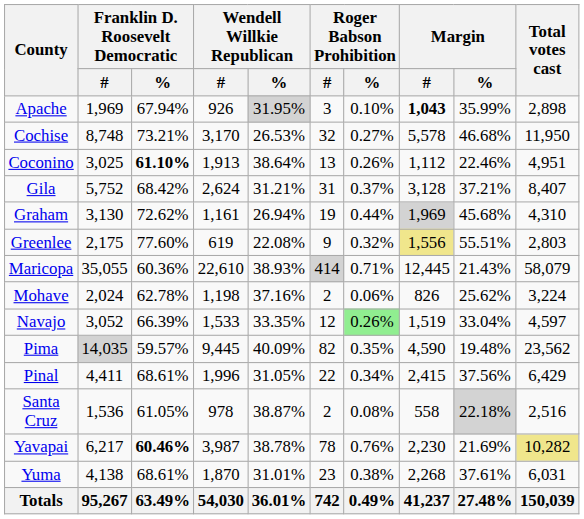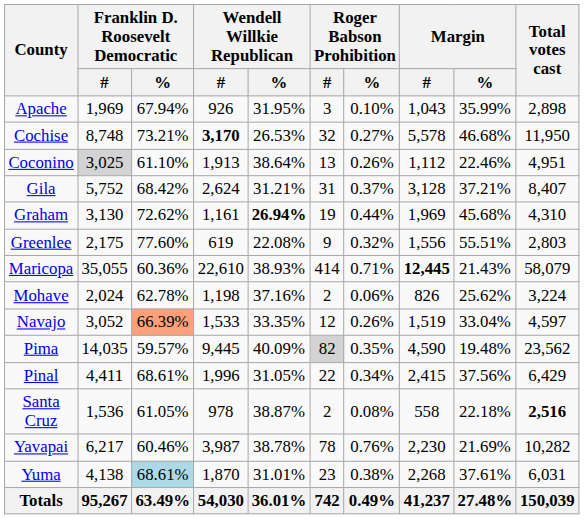 <table width="60%" class="wikitable sortable">
 <tr>
 <th rowspan="2">County</th>
 <th colspan="2">Franklin D. Roosevelt<br>Democratic</th>
 <th colspan="2">Wendell Willkie<br>Republican</th>
 <th colspan="2">Roger Babson<br>Prohibition</th>
 <th colspan="2">Margin</th>
 <th rowspan="2">Total votes cast</th>
 </tr>
 <tr bgcolor="lightgrey">
 <th data-sort-type="number">#</th>
 <th data-sort-type="number">%</th>
 <th data-sort-type="number">#</th>
 <th data-sort-type="number">%</th>
 <th data-sort-type="number">#</th>
 <th data-sort-type="number">%</th>
 <th data-sort-type="number">#</th>
 <th data-sort-type="number">%</th>
 </tr>
 <tr style="text-align:center;">
 <td><a href='#'>Apache</a></td>
 <td>1,969</td>
 <td>67.94%</td>
 <td>926</td>
-<td style="background: lightgrey;">31.95%</td>
+<td>31.95%</td>
 <td>3</td>
 <td>0.10%</td>
-<td><strong>1,043</strong></td>
+<td>1,043</td>
 <td>35.99%</td>
 <td>2,898</td>
 </tr>
 <tr style="text-align:center;">
 <td><a href='#'>Cochise</a></td>
 <td>8,748</td>
 <td>73.21%</td>
-<td>3,170</td>
+<td><strong>3,170</strong></td>
 <td>26.53%</td>
 <td>32</td>
 <td>0.27%</td>
 <td>5,578</td>
 <td>46.68%</td>
 <td>11,950</td>
 </tr>
 <tr style="text-align:center;">
 <td><a href='#'>Coconino</a></td>
-<td>3,025</td>
-<td><strong>61.10%</strong></td>
+<td style="background: lightgrey;">3,025</td>
+<td>61.10%</td>
 <td>1,913</td>
 <td>38.64%</td>
 <td>13</td>
 <td>0.26%</td>
 <td>1,112</td>
 <td>22.46%</td>
 <td>4,951</td>
 </tr>
 <tr style="text-align:center;">
 <td><a href='#'>Gila</a></td>
 <td>5,752</td>
 <td>68.42%</td>
 <td>2,624</td>
 <td>31.21%</td>
 <td>31</td>
 <td>0.37%</td>
 <td>3,128</td>
 <td>37.21%</td>
 <td>8,407</td>
 </tr>
 <tr style="text-align:center;">
 <td><a href='#'>Graham</a></td>
 <td>3,130</td>
 <td>72.62%</td>
 <td>1,161</td>
-<td>26.94%</td>
+<td><strong>26.94%</strong></td>
 <td>19</td>
 <td>0.44%</td>
-<td style="background: lightgrey;">1,969</td>
+<td>1,969</td>
 <td>45.68%</td>
 <td>4,310</td>
 </tr>
 <tr style="text-align:center;">
 <td><a href='#'>Greenlee</a></td>
 <td>2,175</td>
 <td>77.60%</td>
 <td>619</td>
 <td>22.08%</td>
 <td>9</td>
 <td>0.32%</td>
-<td style="background: khaki;">1,556</td>
+<td>1,556</td>
 <td>55.51%</td>
 <td>2,803</td>
 </tr>
 <tr style="text-align:center;">
 <td><a href='#'>Maricopa</a></td>
 <td>35,055</td>
 <td>60.36%</td>
 <td>22,610</td>
 <td>38.93%</td>
-<td style="background: lightgrey;">414</td>
+<td>414</td>
 <td>0.71%</td>
-<td>12,445</td>
+<td><strong>12,445</strong></td>
 <td>21.43%</td>
 <td>58,079</td>
 </tr>
 <tr style="text-align:center;">
 <td><a href='#'>Mohave</a></td>
 <td>2,024</td>
 <td>62.78%</td>
 <td>1,198</td>
 <td>37.16%</td>
 <td>2</td>
 <td>0.06%</td>
 <td>826</td>
 <td>25.62%</td>
 <td>3,224</td>
 </tr>
 <tr style="text-align:center;">
 <td><a href='#'>Navajo</a></td>
 <td>3,052</td>
-<td>66.39%</td>
+<td style="background: lightsalmon;">66.39%</td>
 <td>1,533</td>
 <td>33.35%</td>
 <td>12</td>
-<td style="background: lightgreen;">0.26%</td>
+<td>0.26%</td>
 <td>1,519</td>
 <td>33.04%</td>
 <td>4,597</td>
 </tr>
 <tr style="text-align:center;">
 <td><a href='#'>Pima</a></td>
-<td style="background: lightgrey;">14,035</td>
+<td>14,035</td>
 <td>59.57%</td>
 <td>9,445</td>
 <td>40.09%</td>
-<td>82</td>
+<td style="background: lightgrey;">82</td>
 <td>0.35%</td>
 <td>4,590</td>
 <td>19.48%</td>
 <td>23,562</td>
 </tr>
 <tr style="text-align:center;">
 <td><a href='#'>Pinal</a></td>
 <td>4,411</td>
 <td>68.61%</td>
 <td>1,996</td>
 <td>31.05%</td>
 <td>22</td>
 <td>0.34%</td>
 <td>2,415</td>
 <td>37.56%</td>
 <td>6,429</td>
 </tr>
 <tr style="text-align:center;">
 <td><a href='#'>Santa Cruz</a></td>
 <td>1,536</td>
 <td>61.05%</td>
 <td>978</td>
 <td>38.87%</td>
 <td>2</td>
 <td>0.08%</td>
 <td>558</td>
-<td style="background: lightgrey;">22.18%</td>
-<td>2,516</td>
+<td>22.18%</td>
+<td><strong>2,516</strong></td>
 </tr>
 <tr style="text-align:center;">
 <td><a href='#'>Yavapai</a></td>
 <td>6,217</td>
-<td><strong>60.46%</strong></td>
+<td>60.46%</td>
 <td>3,987</td>
 <td>38.78%</td>
 <td>78</td>
 <td>0.76%</td>
 <td>2,230</td>
 <td>21.69%</td>
-<td style="background: khaki;">10,282</td>
+<td>10,282</td>
 </tr>
 <tr style="text-align:center;">
 <td><a href='#'>Yuma</a></td>
 <td>4,138</td>
-<td>68.61%</td>
+<td style="background: lightblue;">68.61%</td>
 <td>1,870</td>
 <td>31.01%</td>
 <td>23</td>
 <td>0.38%</td>
 <td>2,268</td>
 <td>37.61%</td>
 <td>6,031</td>
 </tr>
 <tr style="text-align:center;">
 <th>Totals</th>
 <th>95,267</th>
 <th>63.49%</th>
 <th>54,030</th>
 <th>36.01%</th>
 <th>742</th>
 <th>0.49%</th>
 <th>41,237</th>
 <th>27.48%</th>
 <th>150,039</th>
 </tr>
 </table>
